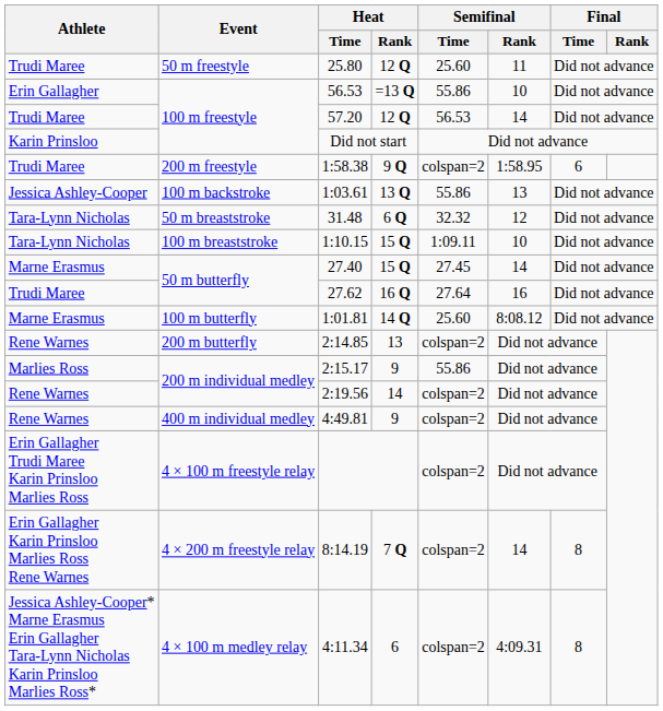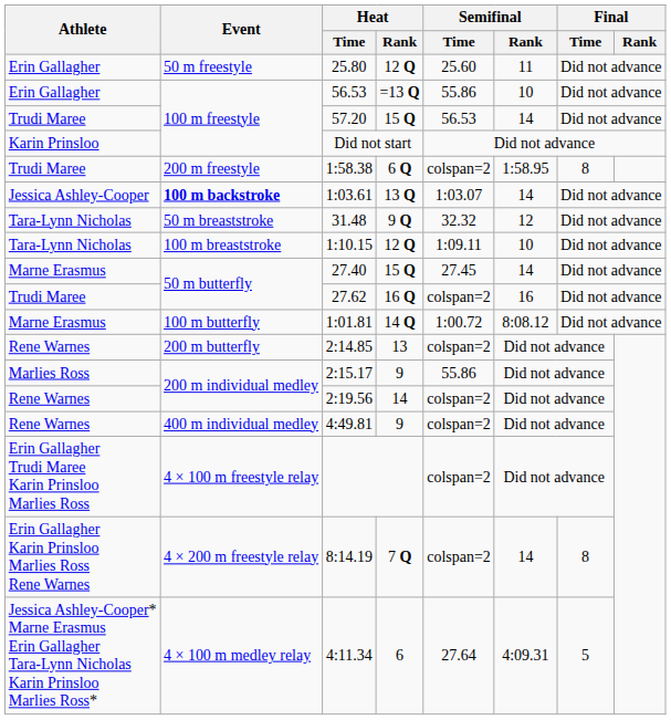 <table class=wikitable style=font-size:90%>
 <tr>
 <th rowspan=2>Athlete</th>
 <th rowspan=2>Event</th>
 <th colspan=2>Heat</th>
 <th colspan=2>Semifinal</th>
 <th colspan=2>Final</th>
 </tr>
 <tr style=font-size:95%>
 <th>Time</th>
 <th>Rank</th>
 <th>Time</th>
 <th>Rank</th>
 <th>Time</th>
 <th>Rank</th>
 </tr>
 <tr align=center>
-<td align=left><a href='#'>Trudi Maree</a></td>
+<td align=left><a href='#'>Erin Gallagher</a></td>
 <td align=left><a href='#'>50 m freestyle</a></td>
 <td>25.80</td>
 <td>12 <strong>Q</strong></td>
 <td>25.60</td>
 <td>11</td>
 <td colspan=2>Did not advance</td>
 </tr>
 <tr align=center>
 <td align=left><a href='#'>Erin Gallagher</a></td>
 <td align=left rowspan=3><a href='#'>100 m freestyle</a></td>
 <td>56.53</td>
 <td>=13 <strong>Q</strong></td>
 <td>55.86</td>
 <td>10</td>
 <td colspan=2>Did not advance</td>
 </tr>
 <tr align=center>
 <td align=left><a href='#'>Trudi Maree</a></td>
 <td>57.20</td>
-<td>12 <strong>Q</strong></td>
+<td>15 <strong>Q</strong></td>
 <td>56.53</td>
 <td>14</td>
 <td colspan=2>Did not advance</td>
 </tr>
 <tr align=center>
 <td align=left><a href='#'>Karin Prinsloo</a></td>
 <td colspan=2>Did not start</td>
 <td colspan=4>Did not advance</td>
 </tr>
 <tr align=center>
 <td align=left><a href='#'>Trudi Maree</a></td>
 <td align=left><a href='#'>200 m freestyle</a></td>
 <td>1:58.38</td>
-<td>9 <strong>Q</strong></td>
+<td>6 <strong>Q</strong></td>
 <td>colspan=2 </td>
 <td>1:58.95</td>
-<td>6</td>
+<td>8</td>
 </tr>
 <tr align=center>
 <td align=left><a href='#'>Jessica Ashley-Cooper</a></td>
-<td align=left><a href='#'>100 m backstroke</a></td>
+<td align=left><strong><a href='#'>100 m backstroke</a></strong></td>
 <td>1:03.61</td>
 <td>13 <strong>Q</strong></td>
-<td>55.86</td>
-<td>13</td>
+<td>1:03.07</td>
+<td>14</td>
 <td colspan=2>Did not advance</td>
 </tr>
 <tr align=center>
 <td align=left><a href='#'>Tara-Lynn Nicholas</a></td>
 <td align=left><a href='#'>50 m breaststroke</a></td>
 <td>31.48</td>
-<td>6 <strong>Q</strong></td>
+<td>9 <strong>Q</strong></td>
 <td>32.32</td>
 <td>12</td>
 <td colspan=2>Did not advance</td>
 </tr>
 <tr align=center>
 <td align=left><a href='#'>Tara-Lynn Nicholas</a></td>
 <td align=left><a href='#'>100 m breaststroke</a></td>
 <td>1:10.15</td>
-<td>15 <strong>Q</strong></td>
+<td>12 <strong>Q</strong></td>
 <td>1:09.11</td>
 <td>10</td>
 <td colspan=2>Did not advance</td>
 </tr>
 <tr align=center>
 <td align=left><a href='#'>Marne Erasmus</a></td>
 <td align=left rowspan=2><a href='#'>50 m butterfly</a></td>
 <td>27.40</td>
 <td>15 <strong>Q</strong></td>
 <td>27.45</td>
 <td>14</td>
 <td colspan=2>Did not advance</td>
 </tr>
 <tr align=center>
 <td align=left><a href='#'>Trudi Maree</a></td>
 <td>27.62</td>
 <td>16 <strong>Q</strong></td>
-<td>27.64</td>
+<td>colspan=2 </td>
 <td>16</td>
 <td colspan=2>Did not advance</td>
 </tr>
 <tr align=center>
 <td align=left><a href='#'>Marne Erasmus</a></td>
 <td align=left><a href='#'>100 m butterfly</a></td>
 <td>1:01.81</td>
 <td>14 <strong>Q</strong></td>
-<td>25.60</td>
+<td>1:00.72</td>
 <td>8:08.12</td>
 <td colspan=2>Did not advance</td>
 </tr>
 <tr align=center>
 <td align=left><a href='#'>Rene Warnes</a></td>
 <td align=left><a href='#'>200 m butterfly</a></td>
 <td>2:14.85</td>
 <td>13</td>
 <td>colspan=2 </td>
 <td colspan=2>Did not advance</td>
 </tr>
 <tr align=center>
 <td align=left><a href='#'>Marlies Ross</a></td>
 <td align=left rowspan=2><a href='#'>200 m individual medley</a></td>
 <td>2:15.17</td>
 <td>9</td>
 <td>55.86</td>
 <td colspan=2>Did not advance</td>
 </tr>
 <tr align=center>
 <td align=left><a href='#'>Rene Warnes</a></td>
 <td>2:19.56</td>
 <td>14</td>
 <td>colspan=2 </td>
 <td colspan=2>Did not advance</td>
 </tr>
 <tr align=center>
 <td align=left><a href='#'>Rene Warnes</a></td>
 <td align=left><a href='#'>400 m individual medley</a></td>
 <td>4:49.81</td>
 <td>9</td>
 <td>colspan=2 </td>
 <td colspan=2>Did not advance</td>
 </tr>
 <tr align=center>
 <td align=left><a href='#'>Erin Gallagher</a><br><a href='#'>Trudi Maree</a><br><a href='#'>Karin Prinsloo</a><br><a href='#'>Marlies Ross</a></td>
 <td align=left><a href='#'>4 × 100 m freestyle relay</a></td>
 <td colspan=2></td>
 <td>colspan=2 </td>
 <td colspan=2>Did not advance</td>
 </tr>
 <tr align=center>
 <td align=left><a href='#'>Erin Gallagher</a><br><a href='#'>Karin Prinsloo</a><br><a href='#'>Marlies Ross</a><br><a href='#'>Rene Warnes</a></td>
 <td align=left><a href='#'>4 × 200 m freestyle relay</a></td>
 <td>8:14.19</td>
 <td>7 <strong>Q</strong></td>
 <td>colspan=2 </td>
 <td>14</td>
 <td>8</td>
 </tr>
 <tr align=center>
 <td align=left><a href='#'>Jessica Ashley-Cooper</a>*<br><a href='#'>Marne Erasmus</a><br><a href='#'>Erin Gallagher</a><br><a href='#'>Tara-Lynn Nicholas</a><br><a href='#'>Karin Prinsloo</a><br><a href='#'>Marlies Ross</a>*</td>
 <td align=left><a href='#'>4 × 100 m medley relay</a></td>
 <td>4:11.34</td>
 <td>6</td>
-<td>colspan=2 </td>
+<td>27.64</td>
 <td>4:09.31</td>
-<td>8</td>
+<td>5</td>
 </tr>
 </table>
